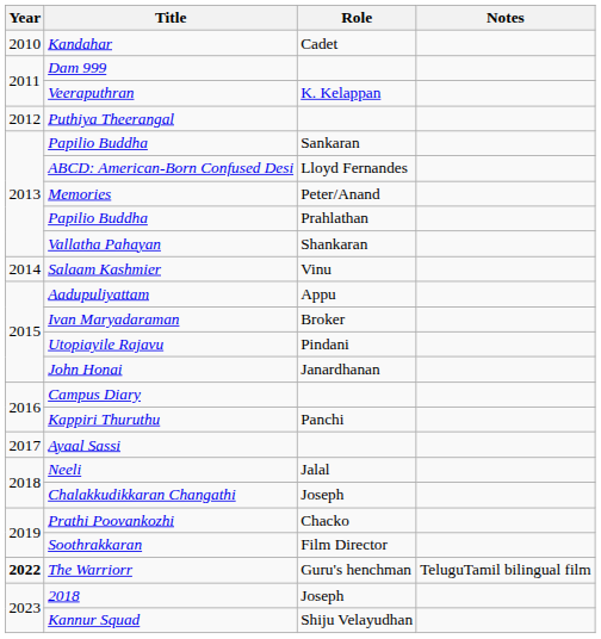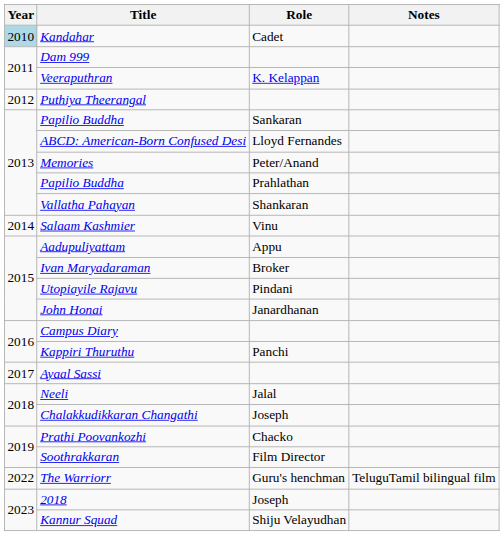 <table class="wikitable sortable">
 <tr>
 <th scope="col">Year</th>
 <th scope="col">Title</th>
 <th scope="col">Role</th>
 <th scope="col" class="unsortable">Notes</th>
 </tr>
 <tr>
-<td>2010</td>
+<td style="background: lightblue;">2010</td>
 <td><em><a href='#'>Kandahar</a></em></td>
 <td>Cadet</td>
 <td></td>
 </tr>
 <tr>
 <td rowspan=2>2011</td>
 <td><em><a href='#'>Dam 999</a></em></td>
 <td></td>
 <td></td>
 </tr>
 <tr>
 <td><em><a href='#'>Veeraputhran</a></em></td>
 <td><a href='#'>K. Kelappan</a></td>
 <td></td>
 </tr>
 <tr>
 <td>2012</td>
 <td><em><a href='#'>Puthiya Theerangal</a></em></td>
 <td></td>
 <td></td>
 </tr>
 <tr>
 <td rowspan=5>2013</td>
 <td><em><a href='#'>Papilio Buddha</a></em></td>
 <td>Sankaran</td>
 <td></td>
 </tr>
 <tr>
 <td><em><a href='#'>ABCD: American-Born Confused Desi</a></em></td>
 <td>Lloyd Fernandes</td>
 <td></td>
 </tr>
 <tr>
 <td><em><a href='#'>Memories</a></em></td>
 <td>Peter/Anand</td>
 <td></td>
 </tr>
 <tr>
 <td><em><a href='#'>Papilio Buddha</a></em></td>
 <td>Prahlathan</td>
 <td></td>
 </tr>
 <tr>
 <td><em><a href='#'>Vallatha Pahayan</a></em></td>
 <td>Shankaran</td>
 <td></td>
 </tr>
 <tr>
 <td>2014</td>
 <td><em><a href='#'>Salaam Kashmier</a></em></td>
 <td>Vinu</td>
 <td></td>
 </tr>
 <tr>
 <td Rowspan=4>2015</td>
 <td><em><a href='#'>Aadupuliyattam</a></em></td>
 <td>Appu</td>
 <td></td>
 </tr>
 <tr>
 <td><em><a href='#'>Ivan Maryadaraman</a></em></td>
 <td>Broker</td>
 <td></td>
 </tr>
 <tr>
 <td><em><a href='#'>Utopiayile Rajavu</a></em></td>
 <td>Pindani</td>
 <td></td>
 </tr>
 <tr>
 <td><em><a href='#'>John Honai</a></em></td>
 <td>Janardhanan</td>
 <td></td>
 </tr>
 <tr>
 <td Rowspan=2>2016</td>
 <td><em><a href='#'>Campus Diary</a></em></td>
 <td></td>
 <td></td>
 </tr>
 <tr>
 <td><em><a href='#'>Kappiri Thuruthu</a></em></td>
 <td>Panchi</td>
 <td></td>
 </tr>
 <tr>
 <td>2017</td>
 <td><em><a href='#'>Ayaal Sassi</a></em></td>
 <td></td>
 <td></td>
 </tr>
 <tr>
 <td Rowspan=2>2018</td>
 <td><em><a href='#'>Neeli</a></em></td>
 <td>Jalal</td>
 <td></td>
 </tr>
 <tr>
 <td><em><a href='#'>Chalakkudikkaran Changathi</a></em></td>
 <td>Joseph</td>
 <td></td>
 </tr>
 <tr>
 <td Rowspan=2>2019</td>
 <td><em><a href='#'>Prathi Poovankozhi</a></em></td>
 <td>Chacko</td>
 <td></td>
 </tr>
 <tr>
 <td><em><a href='#'>Soothrakkaran</a></em></td>
 <td>Film Director</td>
 <td></td>
 </tr>
 <tr>
-<td><strong>2022</strong></td>
+<td>2022</td>
 <td><em><a href='#'>The Warriorr</a></em></td>
 <td>Guru's henchman</td>
 <td>TeluguTamil bilingual film</td>
 </tr>
 <tr>
 <td rowspan=2>2023</td>
 <td><em><a href='#'>2018</a></em></td>
 <td>Joseph</td>
 <td></td>
 </tr>
 <tr>
 <td><em><a href='#'>Kannur Squad</a></em></td>
 <td>Shiju Velayudhan</td>
 <td></td>
 </tr>
 </table>
